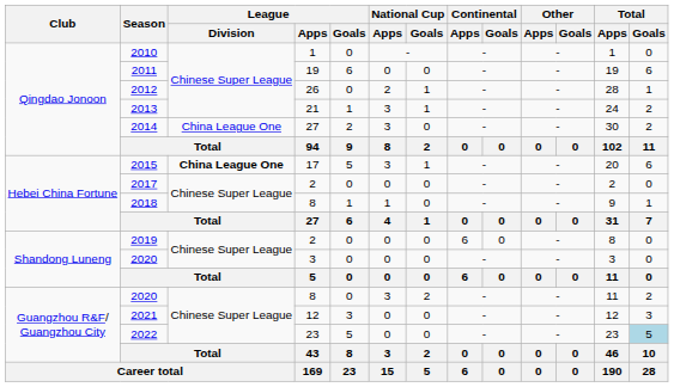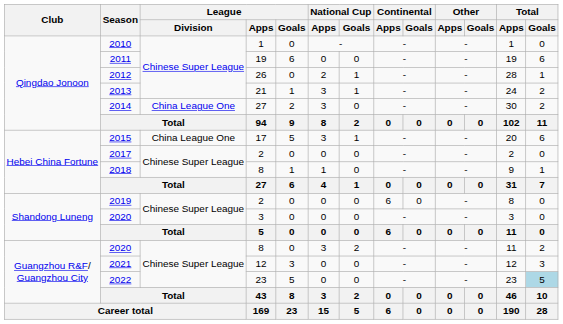 <table class="wikitable" style="text-align: center">
 <tr>
 <th rowspan="2">Club</th>
 <th rowspan="2">Season</th>
 <th colspan="3">League</th>
 <th colspan="2">National Cup</th>
 <th colspan="2">Continental</th>
 <th colspan="2">Other</th>
 <th colspan="2">Total</th>
 </tr>
 <tr>
 <th>Division</th>
 <th>Apps</th>
 <th>Goals</th>
 <th>Apps</th>
 <th>Goals</th>
 <th>Apps</th>
 <th>Goals</th>
 <th>Apps</th>
 <th>Goals</th>
 <th>Apps</th>
 <th>Goals</th>
 </tr>
 <tr>
 <td rowspan="6"><a href='#'>Qingdao Jonoon</a></td>
 <td><a href='#'>2010</a></td>
 <td rowspan="4"><a href='#'>Chinese Super League</a></td>
 <td>1</td>
 <td>0</td>
 <td colspan="2">-</td>
 <td colspan="2">-</td>
 <td colspan="2">-</td>
 <td>1</td>
 <td>0</td>
 </tr>
 <tr>
 <td><a href='#'>2011</a></td>
 <td>19</td>
 <td>6</td>
 <td>0</td>
 <td>0</td>
 <td colspan="2">-</td>
 <td colspan="2">-</td>
 <td>19</td>
 <td>6</td>
 </tr>
 <tr>
 <td><a href='#'>2012</a></td>
 <td>26</td>
 <td>0</td>
 <td>2</td>
 <td>1</td>
 <td colspan="2">-</td>
 <td colspan="2">-</td>
 <td>28</td>
 <td>1</td>
 </tr>
 <tr>
 <td><a href='#'>2013</a></td>
 <td>21</td>
 <td>1</td>
 <td>3</td>
 <td>1</td>
 <td colspan="2">-</td>
 <td colspan="2">-</td>
 <td>24</td>
 <td>2</td>
 </tr>
 <tr>
 <td><a href='#'>2014</a></td>
 <td><a href='#'>China League One</a></td>
 <td>27</td>
 <td>2</td>
 <td>3</td>
 <td>0</td>
 <td colspan="2">-</td>
 <td colspan="2">-</td>
 <td>30</td>
 <td>2</td>
 </tr>
 <tr>
 <th colspan=2>Total</th>
 <th>94</th>
 <th>9</th>
 <th>8</th>
 <th>2</th>
 <th>0</th>
 <th>0</th>
 <th>0</th>
 <th>0</th>
 <th>102</th>
 <th>11</th>
 </tr>
 <tr>
 <td rowspan="4"><a href='#'>Hebei China Fortune</a></td>
 <td><a href='#'>2015</a></td>
-<td><strong>China League One</strong></td>
+<td>China League One</td>
 <td>17</td>
 <td>5</td>
 <td>3</td>
 <td>1</td>
 <td colspan="2">-</td>
 <td colspan="2">-</td>
 <td>20</td>
 <td>6</td>
 </tr>
 <tr>
 <td><a href='#'>2017</a></td>
 <td rowspan="2">Chinese Super League</td>
 <td>2</td>
 <td>0</td>
 <td>0</td>
 <td>0</td>
 <td colspan="2">-</td>
 <td colspan="2">-</td>
 <td>2</td>
 <td>0</td>
 </tr>
 <tr>
 <td><a href='#'>2018</a></td>
 <td>8</td>
 <td>1</td>
 <td>1</td>
 <td>0</td>
 <td colspan="2">-</td>
 <td colspan="2">-</td>
 <td>9</td>
 <td>1</td>
 </tr>
 <tr>
 <th colspan=2>Total</th>
 <th>27</th>
 <th>6</th>
 <th>4</th>
 <th>1</th>
 <th>0</th>
 <th>0</th>
 <th>0</th>
 <th>0</th>
 <th>31</th>
 <th>7</th>
 </tr>
 <tr>
 <td rowspan="3"><a href='#'>Shandong Luneng</a></td>
 <td><a href='#'>2019</a></td>
 <td rowspan="2">Chinese Super League</td>
 <td>2</td>
 <td>0</td>
 <td>0</td>
 <td>0</td>
 <td>6</td>
 <td>0</td>
 <td colspan="2">-</td>
 <td>8</td>
 <td>0</td>
 </tr>
 <tr>
 <td><a href='#'>2020</a></td>
 <td>3</td>
 <td>0</td>
 <td>0</td>
 <td>0</td>
 <td colspan="2">-</td>
 <td colspan="2">-</td>
 <td>3</td>
 <td>0</td>
 </tr>
 <tr>
 <th colspan=2>Total</th>
 <th>5</th>
 <th>0</th>
 <th>0</th>
 <th>0</th>
 <th>6</th>
 <th>0</th>
 <th>0</th>
 <th>0</th>
 <th>11</th>
 <th>0</th>
 </tr>
 <tr>
 <td rowspan="4"><a href='#'>Guangzhou R&F</a>/<br><a href='#'>Guangzhou City</a></td>
 <td><a href='#'>2020</a></td>
 <td rowspan="3">Chinese Super League</td>
 <td>8</td>
 <td>0</td>
 <td>3</td>
 <td>2</td>
 <td colspan="2">-</td>
 <td colspan="2">-</td>
 <td>11</td>
 <td>2</td>
 </tr>
 <tr>
 <td><a href='#'>2021</a></td>
 <td>12</td>
 <td>3</td>
 <td>0</td>
 <td>0</td>
 <td colspan="2">-</td>
 <td colspan="2">-</td>
 <td>12</td>
 <td>3</td>
 </tr>
 <tr>
 <td><a href='#'>2022</a></td>
 <td>23</td>
 <td>5</td>
 <td>0</td>
 <td>0</td>
 <td colspan="2">-</td>
 <td colspan="2">-</td>
 <td>23</td>
 <td style="background: lightblue;">5</td>
 </tr>
 <tr>
 <th colspan=2>Total</th>
 <th>43</th>
 <th>8</th>
 <th>3</th>
 <th>2</th>
 <th>0</th>
 <th>0</th>
 <th>0</th>
 <th>0</th>
 <th>46</th>
 <th>10</th>
 </tr>
 <tr>
 <th colspan=3>Career total</th>
 <th>169</th>
 <th>23</th>
 <th>15</th>
 <th>5</th>
 <th>6</th>
 <th>0</th>
 <th>0</th>
 <th>0</th>
 <th>190</th>
 <th>28</th>
 </tr>
 </table>
